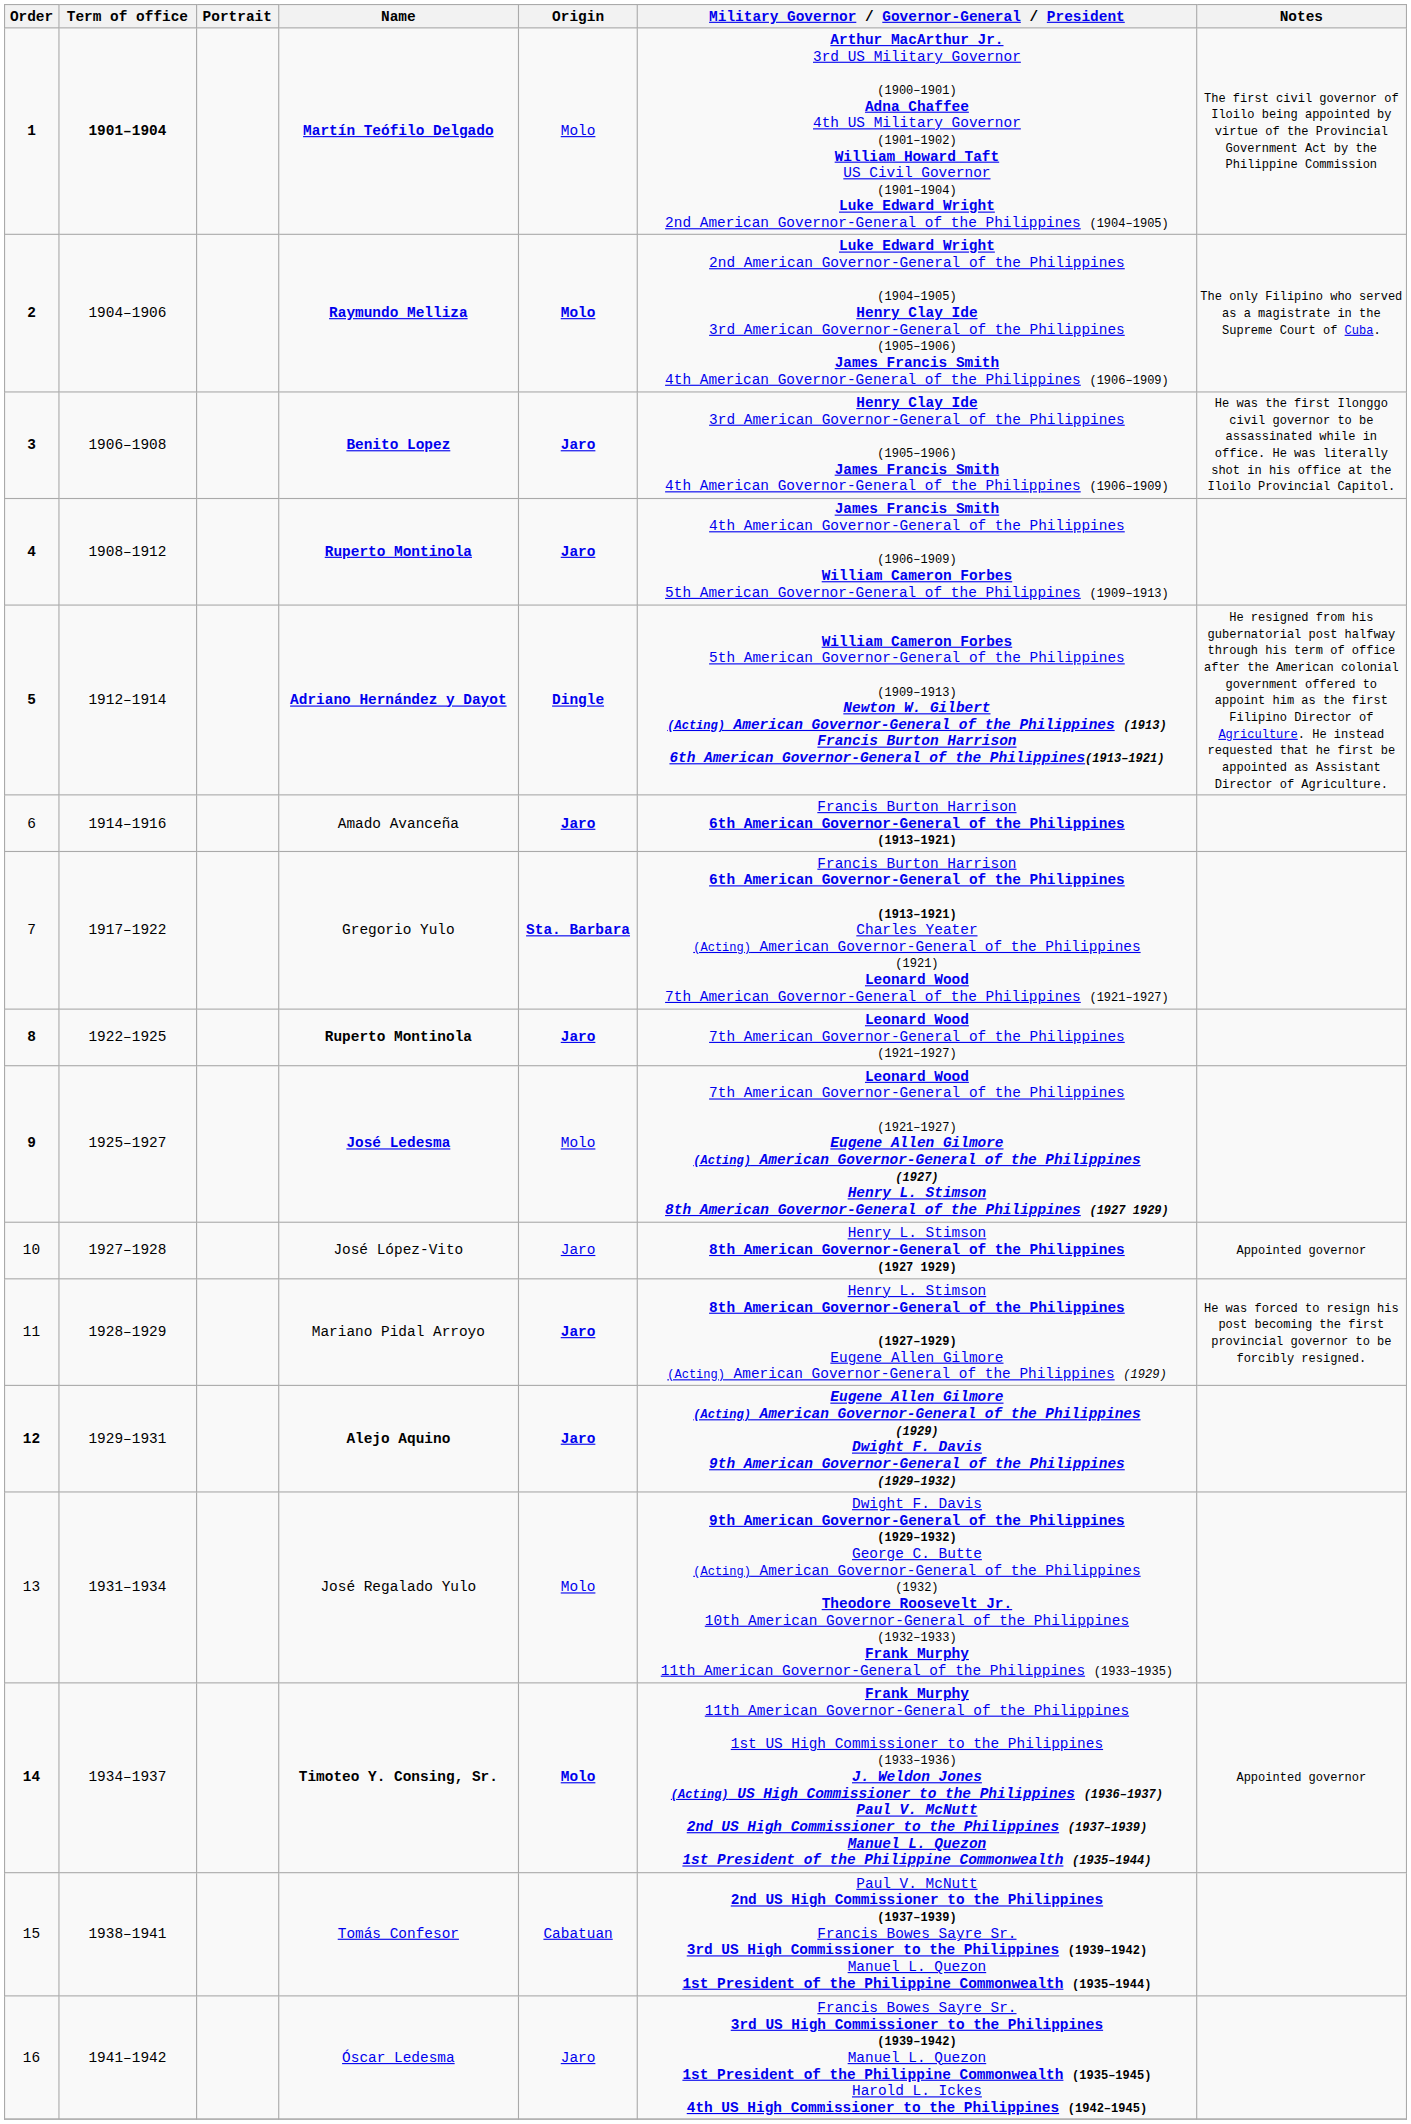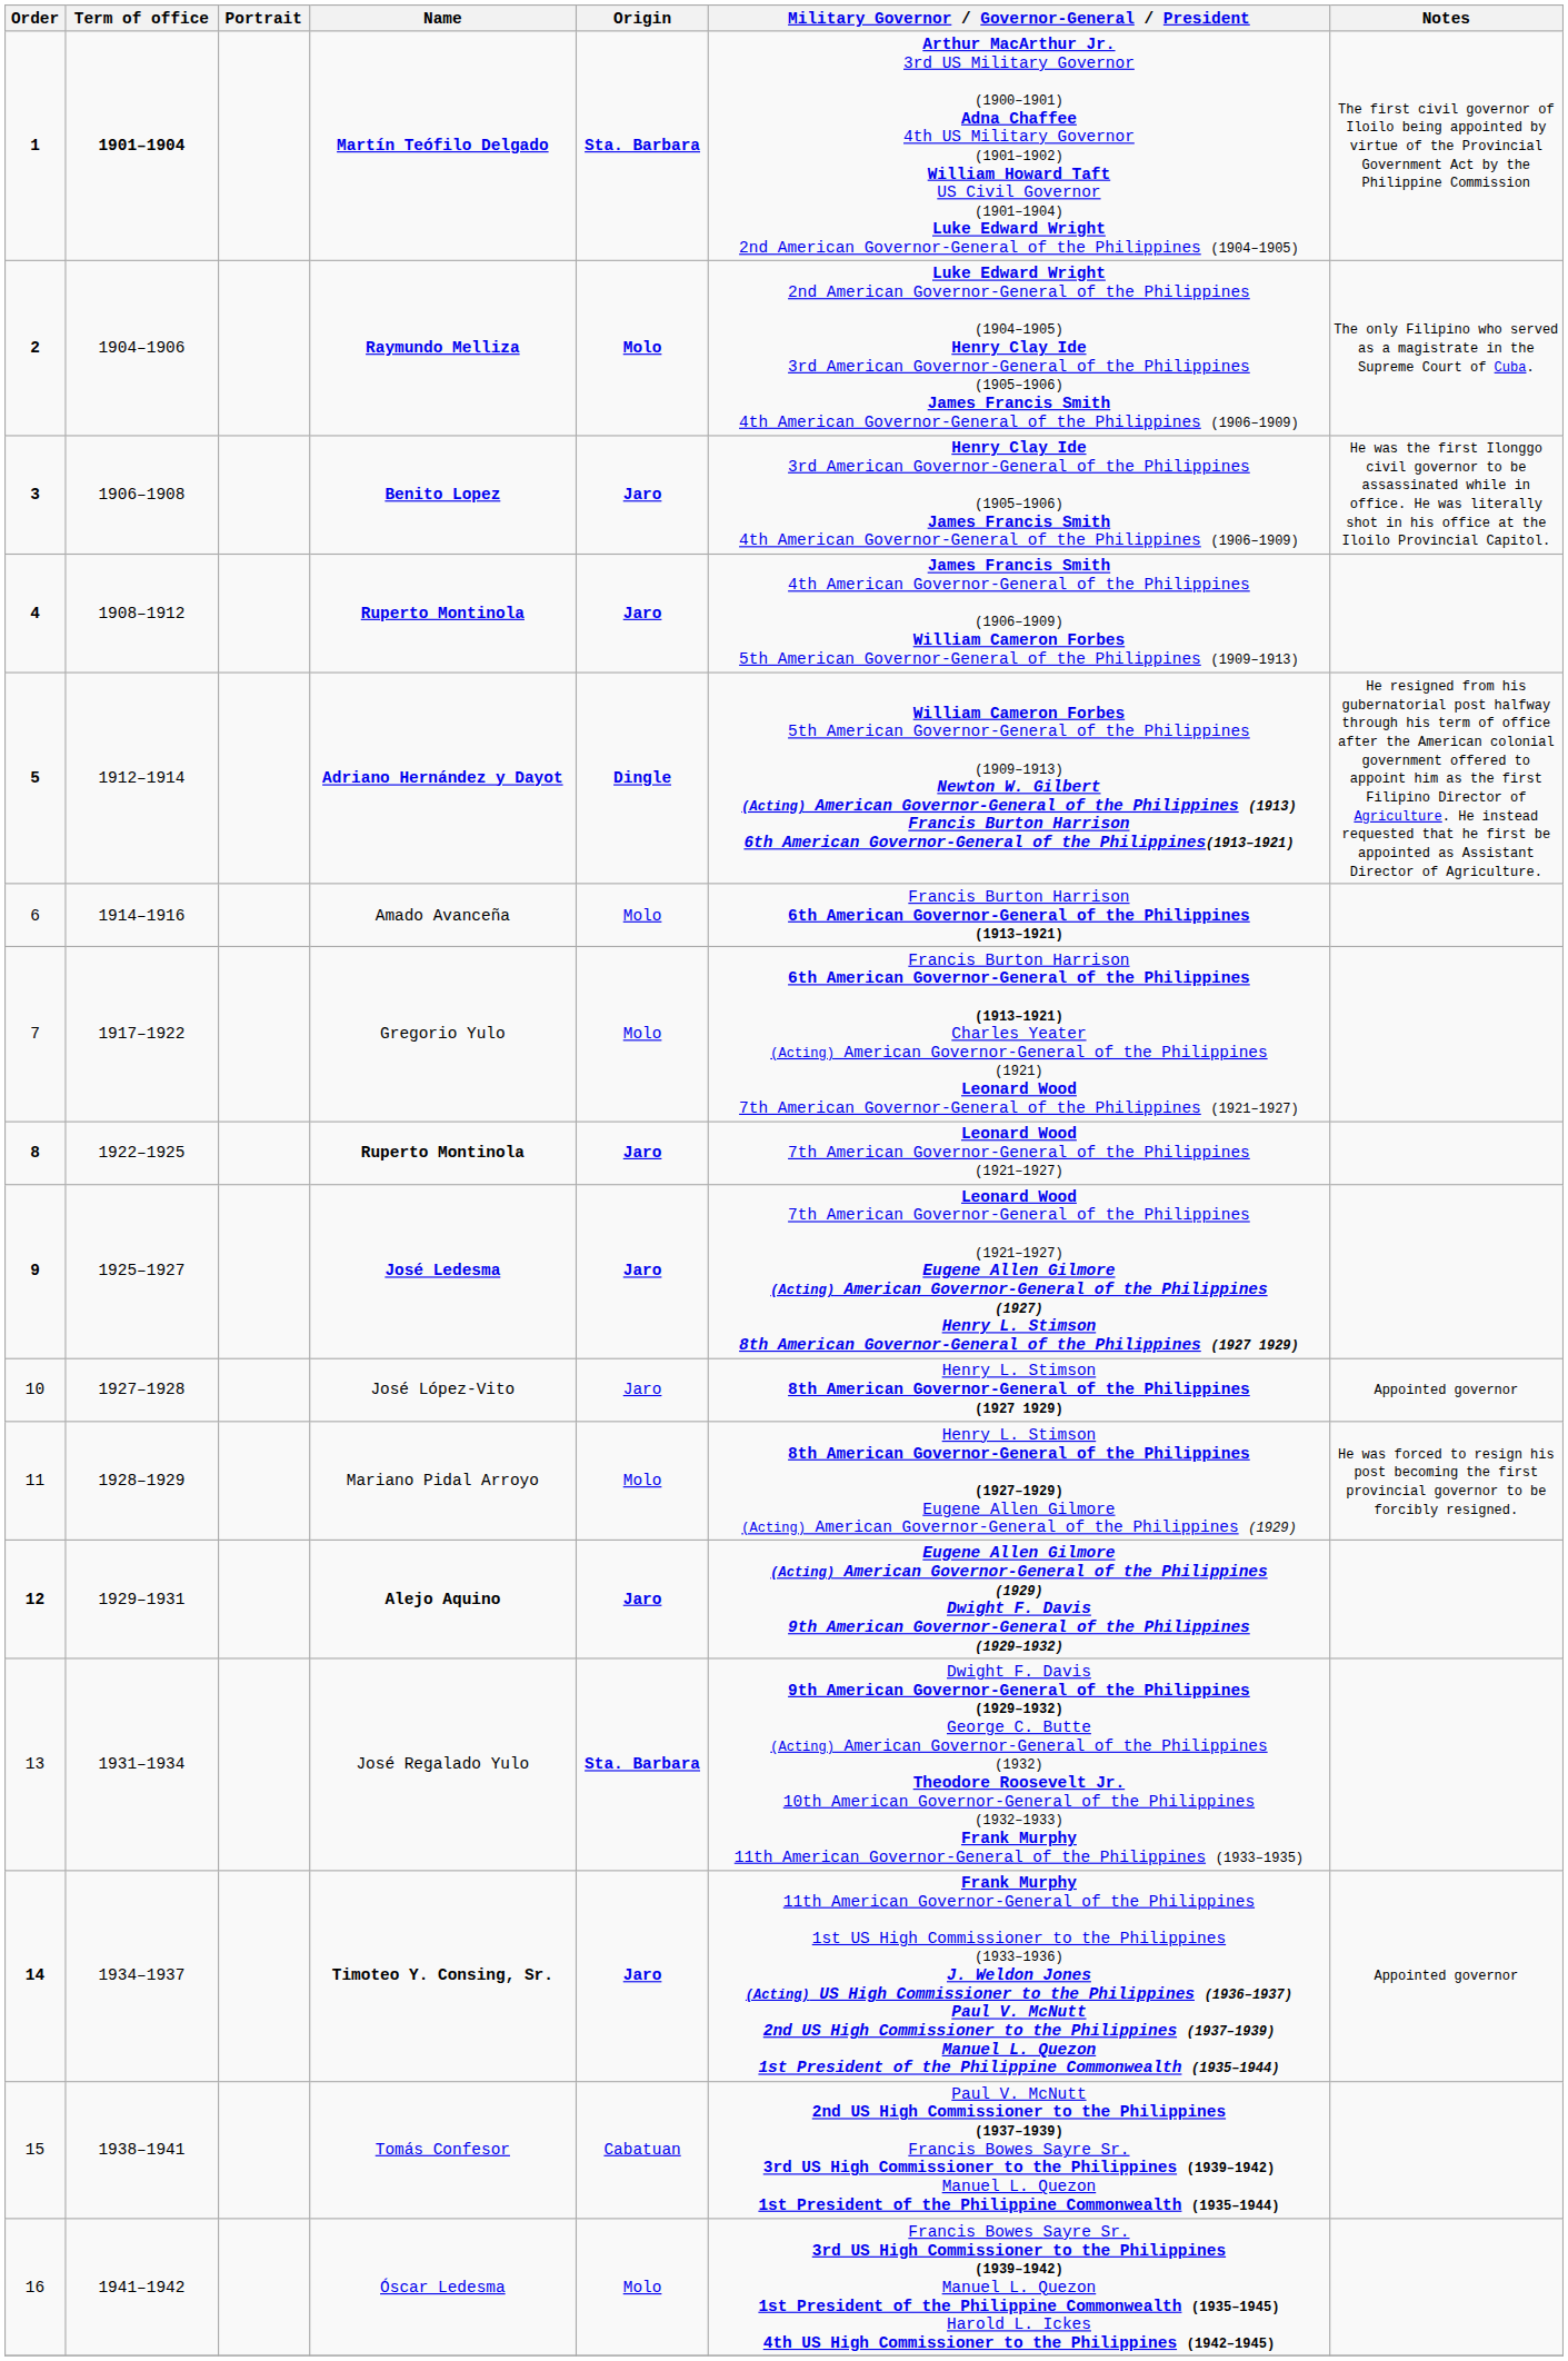 <table class="wikitable" style="text-align: center; width:100%">
 <tr>
 <th>Order</th>
 <th>Term of office</th>
 <th>Portrait</th>
 <th>Name</th>
 <th>Origin</th>
 <th><a href='#'>Military Governor</a> / <a href='#'>Governor-General</a> / <a href='#'>President</a></th>
 <th width=15%>Notes</th>
 </tr>
 <tr>
 <td><strong>1</strong></td>
 <td><strong>1901–1904</strong></td>
 <td></td>
 <td><strong><a href='#'>Martín Teófilo Delgado</a></strong></td>
-<td><a href='#'></strong>Molo<strong></a></td>
+<td><a href='#'><strong>Sta. Barbara</strong></a></td>
 <td> <strong><a href='#'>Arthur MacArthur Jr.</a></strong> <br> <a href='#'>3rd US Military Governor</a><br><br><small>(1900–1901)</small><br>  <strong><a href='#'>Adna Chaffee</a></strong> <br> <a href='#'>4th US Military Governor</a> <br> <small>(1901–1902)</small><br>  <strong><a href='#'>William Howard Taft</a></strong> <br> <a href='#'>US Civil Governor</a> <br> <small>(1901–1904)</small><br> <strong><a href='#'>Luke Edward Wright</a></strong> <br> <a href='#'>2nd American Governor-General of the Philippines</a> <small>(1904–1905)</small></td>
 <td><small>The first civil governor of Iloilo being appointed by virtue of the Provincial Government Act by the Philippine Commission</small></td>
 </tr>
 <tr>
 <td><strong>2</strong></td>
 <td>1904–1906</td>
 <td></td>
 <td><strong><a href='#'>Raymundo Melliza</a></strong></td>
 <td><a href='#'><strong>Molo</strong></a></td>
 <td> <strong><a href='#'>Luke Edward Wright</a></strong> <br> <a href='#'>2nd American Governor-General of the Philippines</a> <br><br><small>(1904–1905)</small> <br>  <strong><a href='#'>Henry Clay Ide</a></strong> <br> <a href='#'>3rd American Governor-General of the Philippines</a> <br> <small>(1905–1906)</small><br>  <strong><a href='#'>James Francis Smith</a></strong> <br> <a href='#'>4th American Governor-General of the Philippines</a> <small>(1906–1909)</small></td>
 <td><small>The only Filipino who served as a magistrate in the Supreme Court of <a href='#'>Cuba</a>.</small></td>
 </tr>
 <tr>
 <td><strong>3</strong></td>
 <td>1906–1908</td>
 <td></td>
 <td><a href='#'><strong>Benito Lopez</strong></a></td>
 <td><a href='#'><strong>Jaro</strong></a></td>
 <td> <strong><a href='#'>Henry Clay Ide</a></strong> <br> <a href='#'>3rd American Governor-General of the Philippines</a>  <br><br><small>(1905–1906)</small><br>  <strong><a href='#'>James Francis Smith</a></strong> <br> <a href='#'>4th American Governor-General of the Philippines</a> <small>(1906–1909)</small></td>
 <td><small>He was the first Ilonggo civil governor to be assassinated while in office. He was literally shot in his office at the Iloilo Provincial Capitol.</small></td>
 </tr>
 <tr>
 <td><strong>4</strong></td>
 <td>1908–1912</td>
 <td></td>
 <td><strong><a href='#'>Ruperto Montinola</a></strong></td>
 <td><a href='#'><strong>Jaro</strong></a></td>
 <td> <strong><a href='#'>James Francis Smith</a></strong> <br> <a href='#'>4th American Governor-General of the Philippines</a> <br><br><small>(1906–1909)</small><br> <strong><a href='#'>William Cameron Forbes</a></strong>  <br> <a href='#'>5th American Governor-General of the Philippines</a> <small>(1909–1913)</small></td>
 <td></td>
 </tr>
 <tr>
 <td><strong>5</strong></td>
 <td>1912–1914</td>
 <td></td>
 <td><a href='#'><strong>Adriano Hernández y Dayot</strong></a></td>
 <td><a href='#'><strong>Dingle</strong></a></td>
 <td> <strong><a href='#'>William Cameron Forbes</a></strong>  <br> <a href='#'>5th American Governor-General of the Philippines</a> <br><br><small>(1909–1913)</small><br> <strong><em><a href='#'>Newton W. Gilbert</a><strong> <br><a href='#'><small>(Acting)</small> American Governor-General of the Philippines</a><em> <small></em>(1913)<em></small><br>  </strong><a href='#'>Francis Burton Harrison</a><strong> <br> <a href='#'>6th American Governor-General of the Philippines</a><small>(1913–1921)</small></td>
 <td><small>He resigned from his gubernatorial post halfway through his term of office after the American colonial government offered to appoint him as the first Filipino Director of <a href='#'>Agriculture</a>. He instead requested that he first be appointed as Assistant Director of Agriculture.</small></td>
 </tr>
 <tr>
 <td></strong>6<strong></td>
 <td>1914–1916</td>
 <td></td>
 <td></strong>Amado Avanceña<strong></td>
-<td><a href='#'><strong>Jaro</strong></a></td>
+<td><a href='#'></strong>Molo<strong></a></td>
 <td> </strong><a href='#'>Francis Burton Harrison</a><strong> <br> <a href='#'>6th American Governor-General of the Philippines</a><br><small>(1913–1921)</small></td>
 <td></td>
 </tr>
 <tr>
 <td></strong>7<strong></td>
 <td>1917–1922</td>
 <td></td>
 <td></strong>Gregorio Yulo<strong></td>
-<td><a href='#'><strong>Sta. Barbara</strong></a></td>
+<td><a href='#'></strong>Molo<strong></a></td>
 <td> </strong><a href='#'>Francis Burton Harrison</a><strong> <br> <a href='#'>6th American Governor-General of the Philippines</a> <br><br><small>(1913–1921)</small><br>  </em></strong><a href='#'>Charles Yeater</a></strong> <br><a href='#'><small>(Acting)</small> American Governor-General of the Philippines</a> <br><small>(1921)</small><br></em> <strong><a href='#'>Leonard Wood</a></strong> <br> <a href='#'>7th American Governor-General of the Philippines</a> <small>(1921–1927)</small></td>
 <td></td>
 </tr>
 <tr>
 <td><strong>8</strong></td>
 <td>1922–1925</td>
 <td></td>
 <td><strong>Ruperto Montinola</strong></td>
 <td><a href='#'><strong>Jaro</strong></a></td>
 <td> <strong><a href='#'>Leonard Wood</a></strong> <br> <a href='#'>7th American Governor-General of the Philippines</a><br><small>(1921–1927)</small></td>
 <td></td>
 </tr>
 <tr>
 <td><strong>9</strong></td>
 <td>1925–1927</td>
 <td></td>
 <td><strong><a href='#'>José Ledesma</a></strong></td>
-<td><a href='#'></strong>Molo<strong></a></td>
+<td><a href='#'><strong>Jaro</strong></a></td>
 <td> <strong><a href='#'>Leonard Wood</a></strong> <br> <a href='#'>7th American Governor-General of the Philippines</a> <br><br><small>(1921–1927)</small><br> <strong><em><a href='#'>Eugene Allen Gilmore</a><strong> <br><a href='#'><small>(Acting)</small> American Governor-General of the Philippines</a> <br><small>(1927)</small><em><br> </strong><a href='#'>Henry L. Stimson</a><strong> <br><a href='#'>8th American Governor-General of the Philippines</a> <small>(1927 1929)</small></td>
 <td></td>
 </tr>
 <tr>
 <td></strong>10<strong></td>
 <td>1927–1928</td>
 <td></td>
 <td></strong>José López-Vito<strong></td>
 <td><a href='#'></strong>Jaro<strong></a></td>
 <td> </strong><a href='#'>Henry L. Stimson</a><strong> <br><a href='#'>8th American Governor-General of the Philippines</a><br><small>(1927 1929)</small></td>
 <td><small>Appointed governor</small></td>
 </tr>
 <tr>
 <td></strong>11<strong></td>
 <td>1928–1929</td>
 <td></td>
 <td></strong>Mariano Pidal Arroyo<strong></td>
-<td><a href='#'><strong>Jaro</strong></a></td>
+<td><a href='#'></strong>Molo<strong></a></td>
 <td> </strong><a href='#'>Henry L. Stimson</a><strong> <br><a href='#'>8th American Governor-General of the Philippines</a> <br><br><small>(1927–1929)</small><br> </em></strong><a href='#'>Eugene Allen Gilmore</a></strong> <br><a href='#'><small>(Acting)</small> American Governor-General of the Philippines</a></em> <small><em>(1929)</em></small></td>
 <td><small>He was forced to resign his post becoming the first provincial governor to be forcibly resigned.</small></td>
 </tr>
 <tr>
 <td><strong>12</strong></td>
 <td>1929–1931</td>
 <td></td>
 <td><strong>Alejo Aquino</strong></td>
 <td><a href='#'><strong>Jaro</strong></a></td>
 <td> <strong><em><a href='#'>Eugene Allen Gilmore</a><strong> <br><a href='#'><small>(Acting)</small> American Governor-General of the Philippines</a>  <br><small>(1929)</small><em><br>  </strong><a href='#'>Dwight F. Davis</a><strong> <br><a href='#'>9th American Governor-General of the Philippines</a> <br> <small>(1929–1932)</small></td>
 <td></td>
 </tr>
 <tr>
 <td></strong>13<strong></td>
 <td>1931–1934</td>
 <td></td>
 <td></strong>José Regalado Yulo<strong></td>
-<td><a href='#'></strong>Molo<strong></a></td>
+<td><a href='#'><strong>Sta. Barbara</strong></a></td>
 <td> </strong><a href='#'>Dwight F. Davis</a><strong> <br><a href='#'>9th American Governor-General of the Philippines</a><br><small>(1929–1932)</small> <br>  </em></strong><a href='#'>George C. Butte</a></strong> <br><a href='#'><small>(Acting)</small> American Governor-General of the Philippines</a> <br><small>(1932)</small></em> <br>  <strong><a href='#'>Theodore Roosevelt Jr.</a></strong> <br><a href='#'>10th American Governor-General of the Philippines</a> <br> <small>(1932–1933)</small> <br> <strong><a href='#'>Frank Murphy</a></strong> <br><a href='#'>11th American Governor-General of the Philippines</a> <small>(1933–1935)</small></td>
 <td></td>
 </tr>
 <tr>
 <td><strong>14</strong></td>
 <td>1934–1937</td>
 <td></td>
 <td><strong>Timoteo Y. Consing, Sr.</strong></td>
-<td><a href='#'><strong>Molo</strong></a></td>
+<td><a href='#'><strong>Jaro</strong></a></td>
 <td> <strong><a href='#'>Frank Murphy</a></strong> <br><a href='#'>11th American Governor-General of the Philippines</a> <br><br> <a href='#'>1st US High Commissioner to the Philippines</a><br><small>(1933–1936)</small>  <br> <strong><em><a href='#'>J. Weldon Jones</a><strong> <br> <a href='#'><small>(Acting)</small> US High Commissioner to the Philippines</a> <small>(1936–1937)</small><em>  <br> </strong><a href='#'>Paul V. McNutt</a><strong> <br> <a href='#'>2nd US High Commissioner to the Philippines</a> <small>(1937–1939)</small>  <br>  </strong><a href='#'>Manuel L. Quezon</a><strong> <br> <a href='#'>1st President of the Philippine Commonwealth</a> <small>(1935–1944)</small></td>
 <td><small>Appointed governor</small></td>
 </tr>
 <tr>
 <td></strong>15<strong></td>
 <td>1938–1941</td>
 <td></td>
 <td></strong><a href='#'>Tomás Confesor</a><strong></td>
 <td><a href='#'></strong>Cabatuan<strong></a></td>
 <td> </strong><a href='#'>Paul V. McNutt</a><strong> <br> <a href='#'>2nd US High Commissioner to the Philippines</a><br><small>(1937–1939)</small> <br>  </strong><a href='#'>Francis Bowes Sayre Sr.</a><strong> <br> <a href='#'>3rd US High Commissioner to the Philippines</a> <small>(1939–1942)</small> <br>  </strong><a href='#'>Manuel L. Quezon</a><strong> <br> <a href='#'>1st President of the Philippine Commonwealth</a> <small>(1935–1944)</small></td>
 <td></td>
 </tr>
 <tr>
 <td></strong>16<strong></td>
 <td>1941–1942</td>
 <td></td>
 <td></strong><a href='#'>Óscar Ledesma</a><strong></td>
-<td><a href='#'></strong>Jaro<strong></a></td>
+<td><a href='#'></strong>Molo<strong></a></td>
 <td> </strong><a href='#'>Francis Bowes Sayre Sr.</a><strong> <br> <a href='#'>3rd US High Commissioner to the Philippines</a><br><small>(1939–1942)</small><br>  </strong><a href='#'>Manuel L. Quezon</a><strong> <br> <a href='#'>1st President of the Philippine Commonwealth</a> <small>(1935–1945)</small><br> </strong><a href='#'>Harold L. Ickes</a><strong> <br> <a href='#'>4th US High Commissioner to the Philippines</a> <small>(1942–1945)</small></td>
 <td></td>
 </tr>
 <tr>
 </tr>
 </table>
